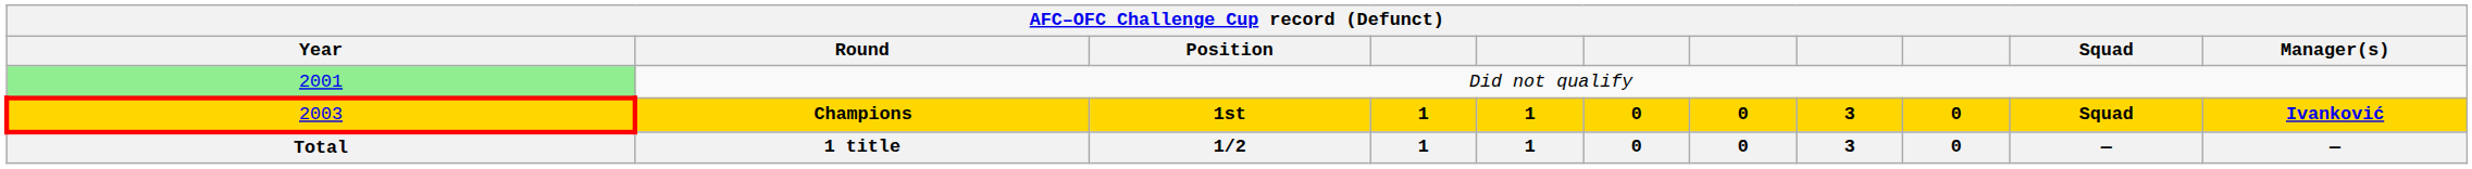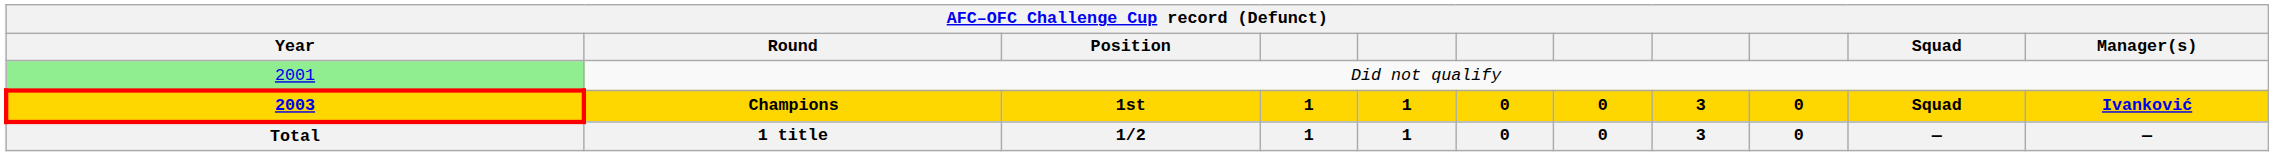 <table class="wikitable" class="wikitable" style="font-size:90%; text-align:center; width:100%">
 <tr>
 <th colspan=11><a href='#'>AFC–OFC Challenge Cup</a> record (Defunct)</th>
 </tr>
 <tr>
 <th width="175">Year</th>
 <th width="125">Round</th>
 <th width="75">Position</th>
 <th width="25"></th>
 <th width="25"></th>
 <th width="25"></th>
 <th width="25"></th>
 <th width="25"></th>
 <th width="25"></th>
 <th width="50">Squad</th>
 <th width="50">Manager(s)</th>
 </tr>
 <tr>
 <td style="background: lightgreen;"> <a href='#'>2001</a></td>
 <td colspan=10><em>Did not qualify</em></td>
 </tr>
 <tr bgcolor=gold>
-<td style="border: 3px solid red"> <a href='#'>2003</a></td>
+<td style="border: 3px solid red"><strong> <a href='#'>2003</a></strong></td>
 <td><strong>Champions</strong></td>
 <td><strong>1st</strong></td>
 <td><strong>1</strong></td>
 <td><strong>1</strong></td>
 <td><strong>0</strong></td>
 <td><strong>0</strong></td>
 <td><strong>3</strong></td>
 <td><strong>0</strong></td>
 <td><strong>Squad</strong></td>
 <td><strong><a href='#'>Ivanković</a></strong></td>
 </tr>
 <tr>
 <th>Total</th>
 <th>1 title</th>
 <th>1/2</th>
 <th>1</th>
 <th>1</th>
 <th>0</th>
 <th>0</th>
 <th>3</th>
 <th>0</th>
 <th>—</th>
 <th>—</th>
 </tr>
 </table>
